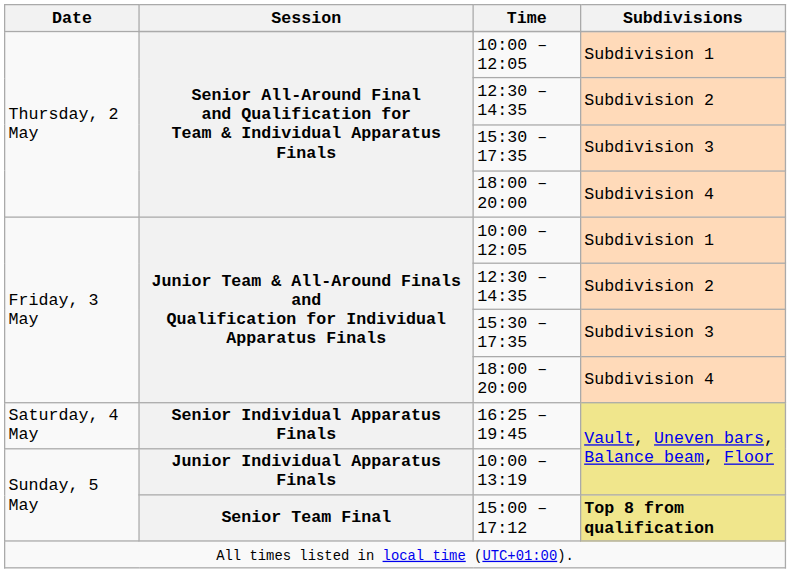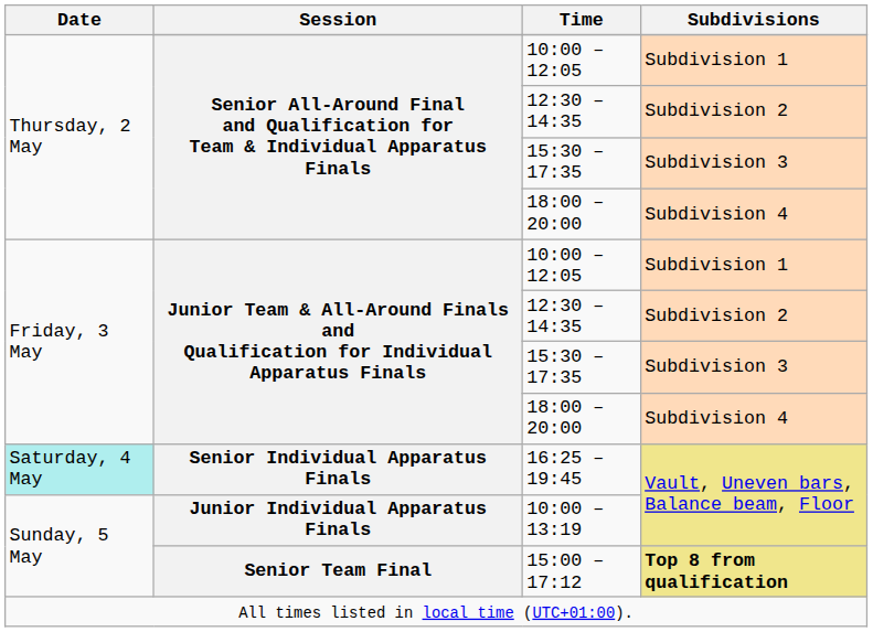 <table class="wikitable">
 <tr>
 <th>Date</th>
 <th>Session</th>
 <th>Time</th>
 <th>Subdivisions</th>
 </tr>
 <tr>
 <td rowspan=5>Thursday, 2 May</td>
 </tr>
 <tr>
 <th rowspan=4>Senior All-Around Final<br>and Qualification for<br>Team & Individual Apparatus Finals</th>
 <td>10:00 – 12:05</td>
 <td bgcolor="#ffdab9">Subdivision 1</td>
 </tr>
 <tr>
 <td>12:30 – 14:35</td>
 <td bgcolor="#ffdab9">Subdivision 2</td>
 </tr>
 <tr>
 <td>15:30 – 17:35</td>
 <td bgcolor="#ffdab9">Subdivision 3</td>
 </tr>
 <tr>
 <td>18:00 – 20:00</td>
 <td bgcolor="#ffdab9">Subdivision 4</td>
 </tr>
 <tr>
 <td rowspan=4>Friday, 3 May</td>
 <th rowspan=4>Junior Team & All-Around Finals and<br>Qualification for Individual Apparatus Finals</th>
 <td>10:00 – 12:05</td>
 <td bgcolor="#ffdab9">Subdivision 1</td>
 </tr>
 <tr>
 <td>12:30 – 14:35</td>
 <td bgcolor="#ffdab9">Subdivision 2</td>
 </tr>
 <tr>
 <td>15:30 – 17:35</td>
 <td bgcolor="#ffdab9">Subdivision 3</td>
 </tr>
 <tr>
 <td>18:00 – 20:00</td>
 <td bgcolor="#ffdab9">Subdivision 4</td>
 </tr>
 <tr>
-<td>Saturday, 4 May</td>
+<td style="background: paleturquoise;">Saturday, 4 May</td>
 <th>Senior Individual Apparatus Finals</th>
 <td>16:25 – 19:45</td>
 <td bgcolor="#f0e68c" rowspan="2"><a href='#'>Vault</a>, <a href='#'>Uneven bars</a>,<br><a href='#'>Balance beam</a>, <a href='#'>Floor</a></td>
 </tr>
 <tr>
 <td rowspan=2>Sunday, 5 May</td>
 <th>Junior Individual Apparatus Finals</th>
 <td>10:00 – 13:19</td>
 </tr>
 <tr>
 <th>Senior Team Final</th>
 <td>15:00 – 17:12</td>
 <td bgcolor="#f0e68c"><strong>Top 8 from qualification</strong></td>
 </tr>
 <tr>
 <td colspan=4 align=center><small> All times listed in <a href='#'>local time</a> (<a href='#'>UTC+01:00</a>).</small></td>
 </tr>
 </table>
